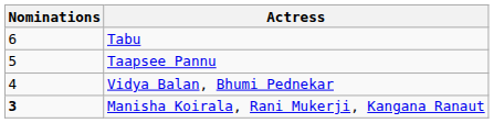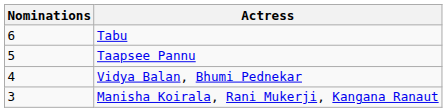 <table class="wikitable">
 <tr>
 <th>Nominations</th>
 <th>Actress</th>
 </tr>
 <tr>
 <td>6</td>
 <td><a href='#'>Tabu</a></td>
 </tr>
 <tr>
 <td>5</td>
 <td><a href='#'>Taapsee Pannu</a></td>
 </tr>
 <tr>
 <td>4</td>
 <td><a href='#'>Vidya Balan</a>, <a href='#'>Bhumi Pednekar</a></td>
 </tr>
 <tr>
-<td><strong>3</strong></td>
+<td>3</td>
 <td><a href='#'>Manisha Koirala</a>, <a href='#'>Rani Mukerji</a>, <a href='#'>Kangana Ranaut</a></td>
 </tr>
 </table>
